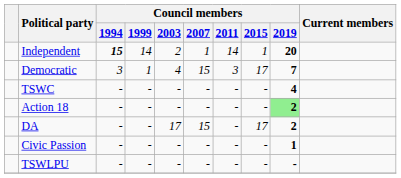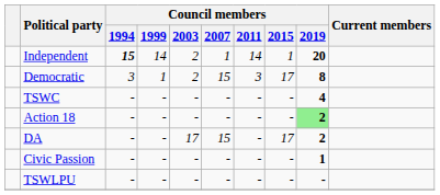 <table class="wikitable">
 <tr>
 <th rowspan="2">   </th>
 <th rowspan="2">Political party</th>
 <th colspan="7">Council members</th>
 <th colspan="25" rowspan="2">Current members</th>
 </tr>
 <tr>
 <th><a href='#'>1994</a></th>
 <th><a href='#'>1999</a></th>
 <th><a href='#'>2003</a></th>
 <th><a href='#'>2007</a></th>
 <th><a href='#'>2011</a></th>
 <th><a href='#'>2015</a></th>
 <th><a href='#'>2019</a></th>
 </tr>
 <tr>
 <td bgcolor=> </td>
 <td><a href='#'>Independent</a></td>
 <td style="text-align: right"><strong><em>15</em></strong></td>
 <td style="text-align: right"><em>14</em></td>
 <td style="text-align: right"><em>2</em></td>
 <td style="text-align: right"><em>1</em></td>
 <td style="text-align: right"><em>14</em></td>
 <td style="text-align: right"><em>1</em></td>
 <td style="text-align: right"><strong>20</strong></td>
 <td></td>
 </tr>
 <tr>
 <td bgcolor=> </td>
 <td><a href='#'>Democratic</a></td>
 <td style="text-align: right"><em>3</em></td>
 <td style="text-align: right"><em>1</em></td>
-<td style="text-align: right"><em>4</em></td>
+<td style="text-align: right"><em>2</em></td>
 <td style="text-align: right"><em>15</em></td>
 <td style="text-align: right"><em>3</em></td>
 <td style="text-align: right"><em>17</em></td>
-<td style="text-align: right"><strong>7</strong></td>
+<td style="text-align: right"><strong>8</strong></td>
 <td></td>
 </tr>
 <tr>
 <td style="background-color:"> </td>
 <td><a href='#'>TSWC</a></td>
 <td style="text-align: right"><em>-</em></td>
 <td style="text-align: right"><em>-</em></td>
 <td style="text-align: right"><em>-</em></td>
 <td style="text-align: right"><em>-</em></td>
 <td style="text-align: right"><em>-</em></td>
 <td style="text-align: right"><em>-</em></td>
 <td style="text-align: right"><strong>4</strong></td>
 <td></td>
 </tr>
 <tr>
 <td style="background-color:"> </td>
 <td><a href='#'>Action 18</a></td>
 <td style="text-align: right"><em>-</em></td>
 <td style="text-align: right"><em>-</em></td>
 <td style="text-align: right"><em>-</em></td>
 <td style="text-align: right"><em>-</em></td>
 <td style="text-align: right"><em>-</em></td>
 <td style="text-align: right"><em>-</em></td>
 <td style="background: lightgreen; text-align: right"><strong>2</strong></td>
 <td></td>
 </tr>
 <tr>
 <td style="background-color:"> </td>
 <td><a href='#'>DA</a></td>
 <td style="text-align: right"><em>-</em></td>
 <td style="text-align: right"><em>-</em></td>
 <td style="text-align: right"><em>17</em></td>
 <td style="text-align: right"><em>15</em></td>
 <td style="text-align: right"><em>-</em></td>
 <td style="text-align: right"><em>17</em></td>
 <td style="text-align: right"><strong>2</strong></td>
 <td></td>
 </tr>
 <tr>
 <td style="background-color:"> </td>
 <td><a href='#'>Civic Passion</a></td>
 <td style="text-align: right"><em>-</em></td>
 <td style="text-align: right"><em>-</em></td>
 <td style="text-align: right"><em>-</em></td>
 <td style="text-align: right"><em>-</em></td>
 <td style="text-align: right"><em>-</em></td>
 <td style="text-align: right"><em>-</em></td>
 <td style="text-align: right"><strong>1</strong></td>
 <td></td>
 </tr>
 <tr>
 <td style="background-color:"> </td>
 <td><a href='#'>TSWLPU</a></td>
 <td style="text-align: right"><em>-</em></td>
 <td style="text-align: right"><em>-</em></td>
 <td style="text-align: right"><em>-</em></td>
 <td style="text-align: right"><em>-</em></td>
 <td style="text-align: right"><em>-</em></td>
 <td style="text-align: right"><em>-</em></td>
 <td style="text-align: right"><strong>-</strong></td>
 <td></td>
 </tr>
 <tr>
 </tr>
 </table>
